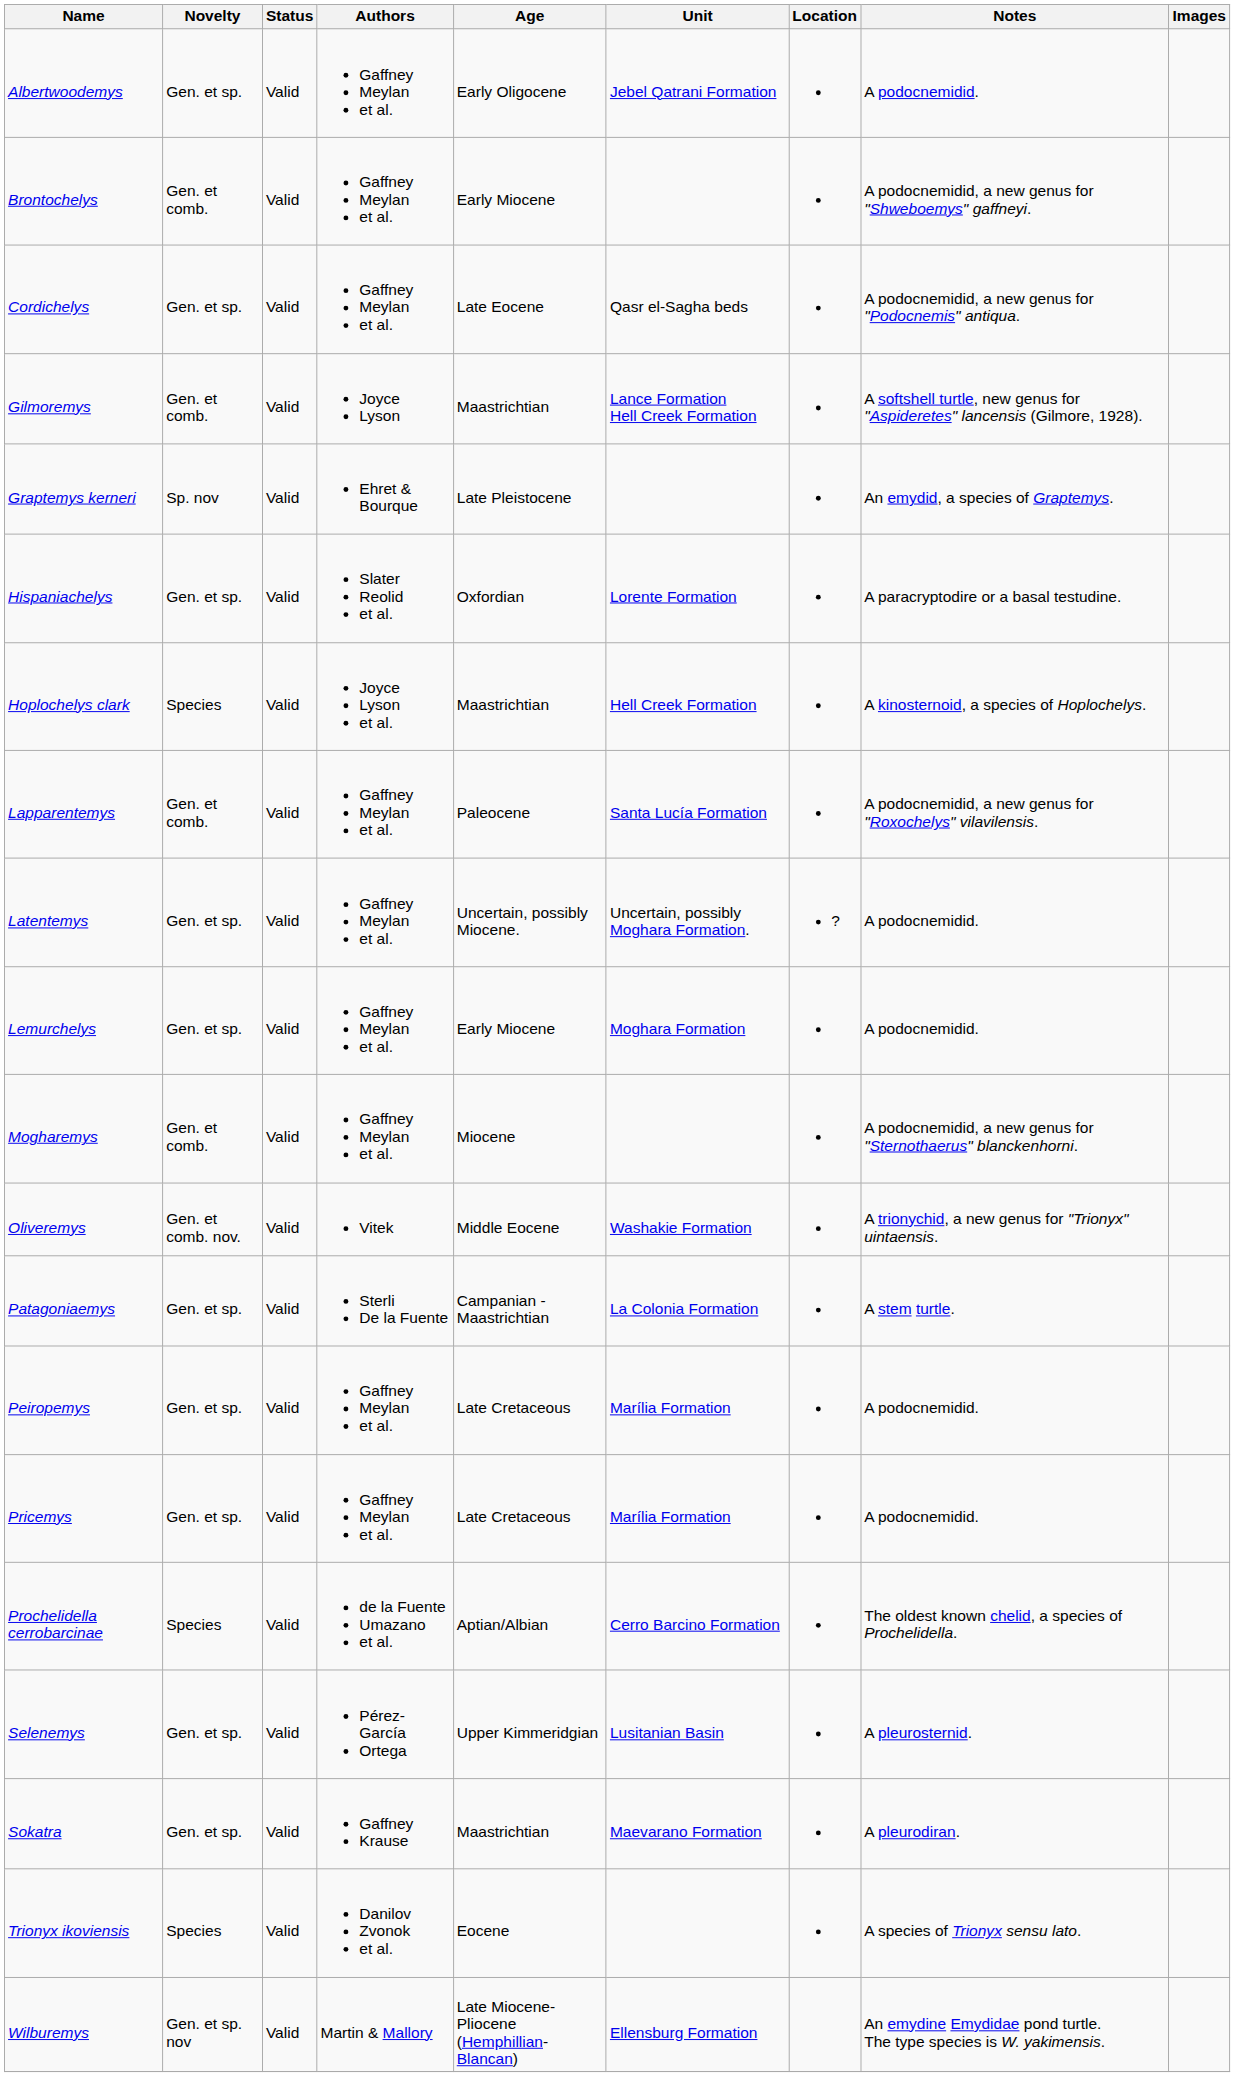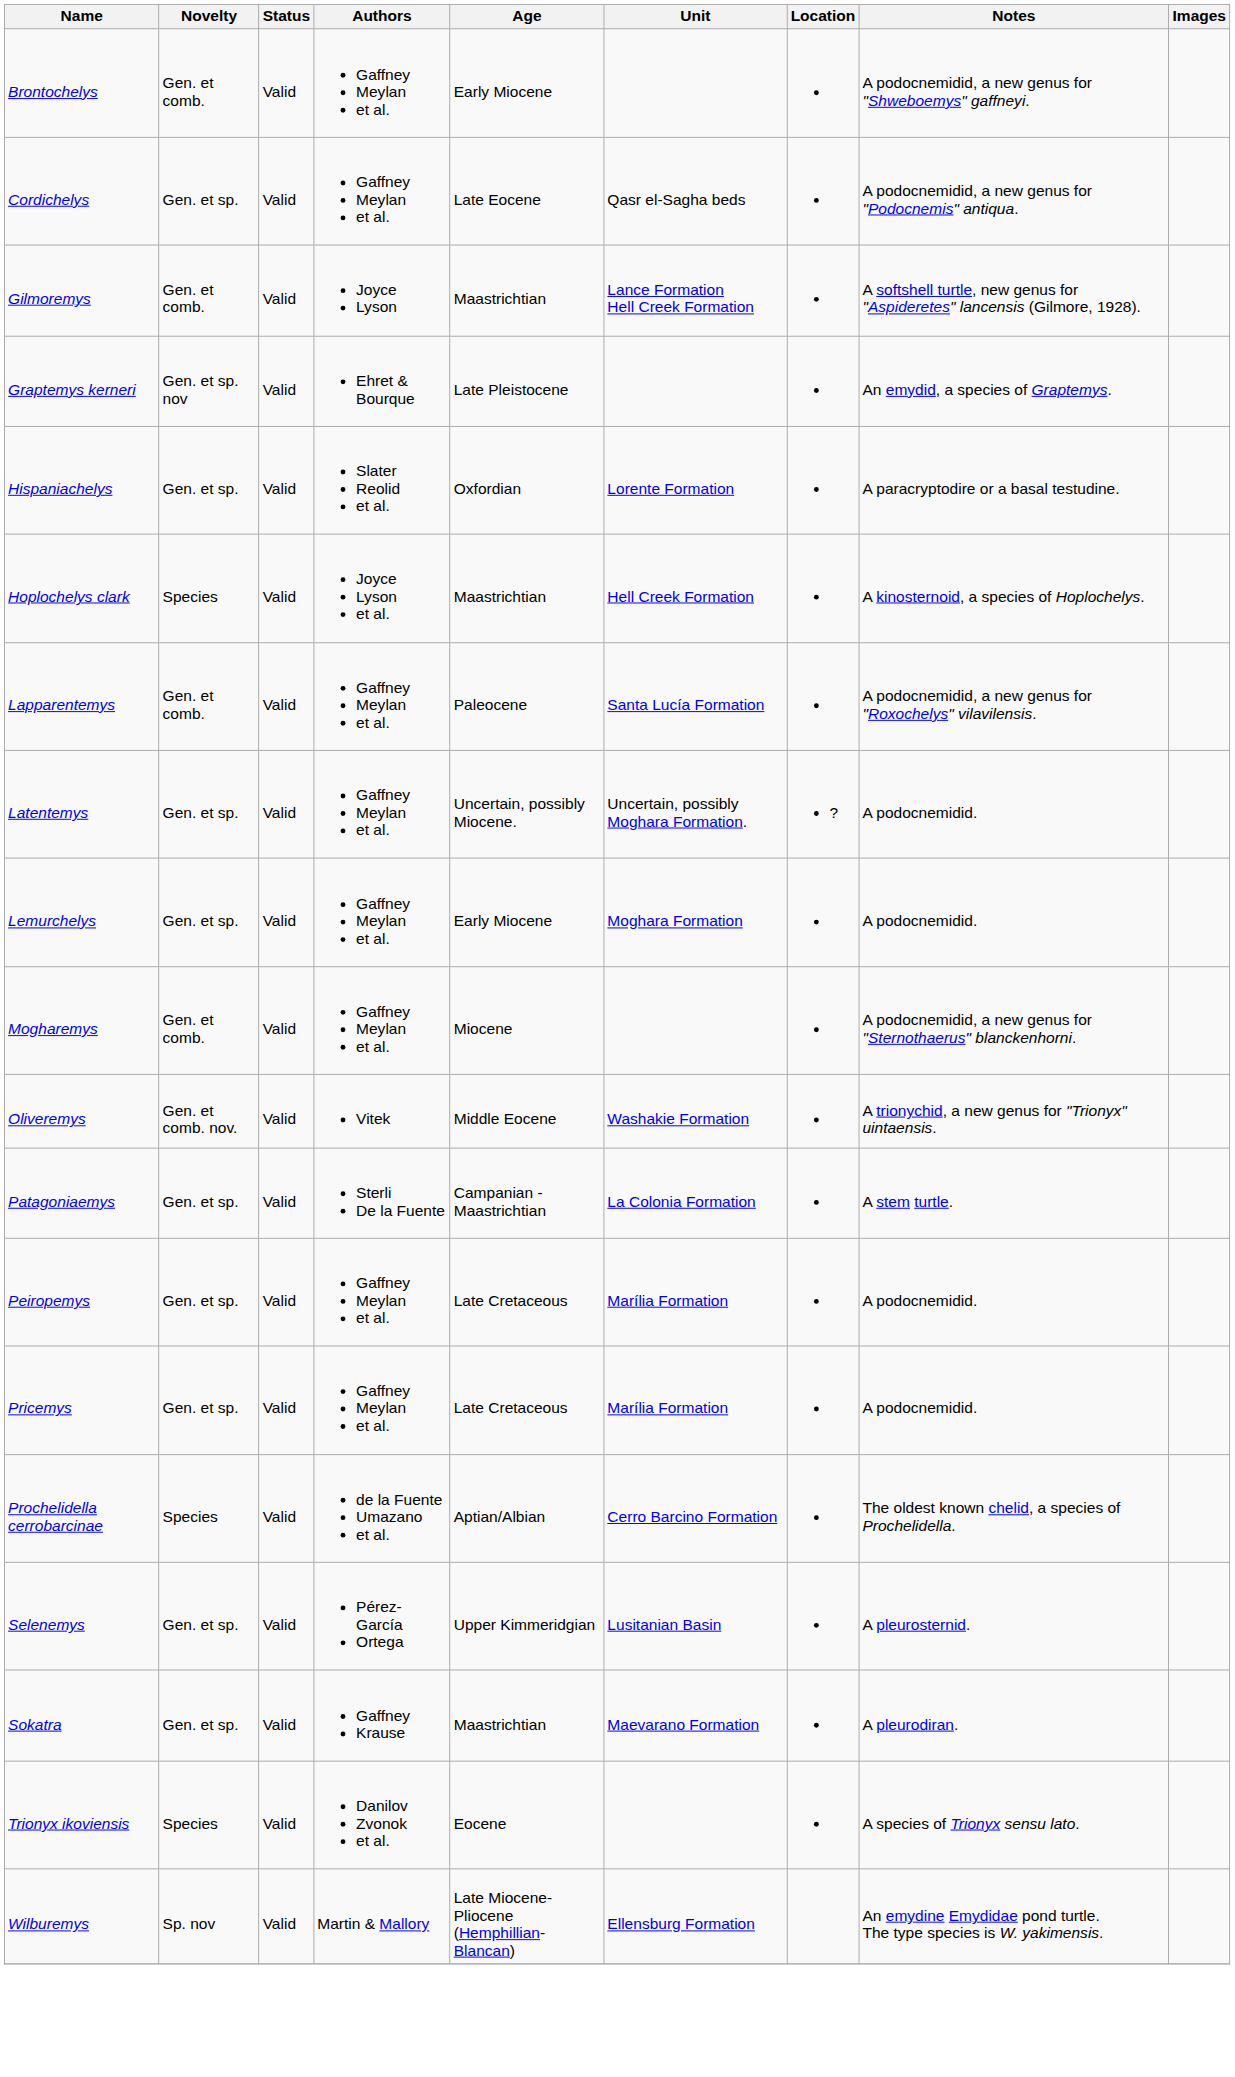 <table class="wikitable sortable" align="center" width="100%">
 <tr>
 <th>Name</th>
 <th>Novelty</th>
 <th>Status</th>
 <th>Authors</th>
 <th>Age</th>
 <th>Unit</th>
 <th>Location</th>
 <th>Notes</th>
 <th>Images</th>
-</tr>
-<tr>
-<td><br><em><a href='#'>Albertwoodemys</a></em></td>
-<td><br>Gen. et sp.</td>
-<td><br>Valid</td>
-<td><br><ul><li>Gaffney</li><li>Meylan</li><li>et al.</li></ul></td>
-<td><br>Early Oligocene</td>
-<td><br><a href='#'>Jebel Qatrani Formation</a></td>
-<td><br><ul><li></li></ul></td>
-<td><br>A <a href='#'>podocnemidid</a>.</td>
-<td></td>
 </tr>
 <tr>
 <td><br><em><a href='#'>Brontochelys</a></em></td>
 <td><br>Gen. et comb.</td>
 <td><br>Valid</td>
 <td><br><ul><li>Gaffney</li><li>Meylan</li><li>et al.</li></ul></td>
 <td><br>Early Miocene</td>
 <td></td>
 <td><br><ul><li></li></ul></td>
 <td><br>A podocnemidid, a new genus for <em>"<a href='#'>Shweboemys</a>" gaffneyi</em>.</td>
 <td></td>
 </tr>
 <tr>
 <td><br><em><a href='#'>Cordichelys</a></em></td>
 <td><br>Gen. et sp.</td>
 <td><br>Valid</td>
 <td><br><ul><li>Gaffney</li><li>Meylan</li><li>et al.</li></ul></td>
 <td><br>Late Eocene</td>
 <td><br>Qasr el-Sagha beds</td>
 <td><br><ul><li></li></ul></td>
 <td><br>A podocnemidid, a new genus for <em>"<a href='#'>Podocnemis</a>" antiqua</em>.</td>
 <td></td>
 </tr>
 <tr>
 <td><br><em><a href='#'>Gilmoremys</a></em></td>
 <td><br>Gen. et comb.</td>
 <td><br>Valid</td>
 <td><br><ul><li>Joyce</li><li>Lyson</li></ul></td>
 <td><br>Maastrichtian</td>
 <td><br><a href='#'>Lance Formation</a> <br> <a href='#'>Hell Creek Formation</a></td>
 <td><br><ul><li></li></ul></td>
 <td><br>A <a href='#'>softshell turtle</a>, new genus for <em>"<a href='#'>Aspideretes</a>" lancensis</em> (Gilmore, 1928).</td>
 <td></td>
 </tr>
 <tr>
 <td><br><em><a href='#'>Graptemys kerneri</a></em></td>
-<td><br>Sp. nov</td>
+<td><br>Gen. et sp. nov</td>
 <td><br>Valid</td>
 <td><br><ul><li>Ehret & Bourque</li></ul></td>
 <td><br>Late Pleistocene</td>
 <td></td>
 <td><br><ul><li></li></ul></td>
 <td><br>An <a href='#'>emydid</a>, a species of <em><a href='#'>Graptemys</a></em>.</td>
 <td></td>
 </tr>
 <tr>
 <td><br><em><a href='#'>Hispaniachelys</a></em></td>
 <td><br>Gen. et sp.</td>
 <td><br>Valid</td>
 <td><br><ul><li>Slater</li><li>Reolid</li><li>et al.</li></ul></td>
 <td><br>Oxfordian</td>
 <td><br><a href='#'>Lorente Formation</a></td>
 <td><br><ul><li></li></ul></td>
 <td><br>A paracryptodire or a basal testudine.</td>
 <td></td>
 </tr>
 <tr>
 <td><br><em><a href='#'>Hoplochelys clark</a></em></td>
 <td><br>Species</td>
 <td><br>Valid</td>
 <td><br><ul><li>Joyce</li><li>Lyson</li><li>et al.</li></ul></td>
 <td><br>Maastrichtian</td>
 <td><br><a href='#'>Hell Creek Formation</a></td>
 <td><br><ul><li></li></ul></td>
 <td><br>A <a href='#'>kinosternoid</a>, a species of <em>Hoplochelys</em>.</td>
 <td></td>
 </tr>
 <tr>
 <td><br><em><a href='#'>Lapparentemys</a></em></td>
 <td><br>Gen. et comb.</td>
 <td><br>Valid</td>
 <td><br><ul><li>Gaffney</li><li>Meylan</li><li>et al.</li></ul></td>
 <td><br>Paleocene</td>
 <td><br><a href='#'>Santa Lucía Formation</a></td>
 <td><br><ul><li></li></ul></td>
 <td><br>A podocnemidid, a new genus for <em>"<a href='#'>Roxochelys</a>" vilavilensis</em>.</td>
 <td></td>
 </tr>
 <tr>
 <td><br><em><a href='#'>Latentemys</a></em></td>
 <td><br>Gen. et sp.</td>
 <td><br>Valid</td>
 <td><br><ul><li>Gaffney</li><li>Meylan</li><li>et al.</li></ul></td>
 <td><br>Uncertain, possibly Miocene.</td>
 <td><br>Uncertain, possibly <a href='#'>Moghara Formation</a>.</td>
 <td><br><ul><li>?</li></ul></td>
 <td><br>A podocnemidid.</td>
 <td></td>
 </tr>
 <tr>
 <td><br><em><a href='#'>Lemurchelys</a></em></td>
 <td><br>Gen. et sp.</td>
 <td><br>Valid</td>
 <td><br><ul><li>Gaffney</li><li>Meylan</li><li>et al.</li></ul></td>
 <td><br>Early Miocene</td>
 <td><br><a href='#'>Moghara Formation</a></td>
 <td><br><ul><li></li></ul></td>
 <td><br>A podocnemidid.</td>
 <td></td>
 </tr>
 <tr>
 <td><br><em><a href='#'>Mogharemys</a></em></td>
 <td><br>Gen. et comb.</td>
 <td><br>Valid</td>
 <td><br><ul><li>Gaffney</li><li>Meylan</li><li>et al.</li></ul></td>
 <td><br>Miocene</td>
 <td></td>
 <td><br><ul><li></li></ul></td>
 <td><br>A podocnemidid, a new genus for <em>"<a href='#'>Sternothaerus</a>" blanckenhorni</em>.</td>
 <td></td>
 </tr>
 <tr>
 <td><br><em><a href='#'>Oliveremys</a></em></td>
 <td><br>Gen. et comb. nov.</td>
 <td><br>Valid</td>
 <td><br><ul><li>Vitek</li></ul></td>
 <td><br>Middle Eocene</td>
 <td><br><a href='#'>Washakie Formation</a></td>
 <td><br><ul><li></li></ul></td>
 <td><br>A <a href='#'>trionychid</a>, a new genus for <em>"Trionyx" uintaensis</em>.</td>
 <td></td>
 </tr>
 <tr>
 <td><br><em><a href='#'>Patagoniaemys</a></em></td>
 <td><br>Gen. et sp.</td>
 <td><br>Valid</td>
 <td><br><ul><li>Sterli</li><li>De la Fuente</li></ul></td>
 <td><br>Campanian - Maastrichtian</td>
 <td><br><a href='#'>La Colonia Formation</a></td>
 <td><br><ul><li></li></ul></td>
 <td><br>A <a href='#'>stem</a> <a href='#'>turtle</a>.</td>
 <td></td>
 </tr>
 <tr>
 <td><br><em><a href='#'>Peiropemys</a></em></td>
 <td><br>Gen. et sp.</td>
 <td><br>Valid</td>
 <td><br><ul><li>Gaffney</li><li>Meylan</li><li>et al.</li></ul></td>
 <td><br>Late Cretaceous</td>
 <td><br><a href='#'>Marília Formation</a></td>
 <td><br><ul><li></li></ul></td>
 <td><br>A podocnemidid.</td>
 <td></td>
 </tr>
 <tr>
 <td><br><em><a href='#'>Pricemys</a></em></td>
 <td><br>Gen. et sp.</td>
 <td><br>Valid</td>
 <td><br><ul><li>Gaffney</li><li>Meylan</li><li>et al.</li></ul></td>
 <td><br>Late Cretaceous</td>
 <td><br><a href='#'>Marília Formation</a></td>
 <td><br><ul><li></li></ul></td>
 <td><br>A podocnemidid.</td>
 <td></td>
 </tr>
 <tr>
 <td><br><em><a href='#'>Prochelidella cerrobarcinae</a></em></td>
 <td><br>Species</td>
 <td><br>Valid</td>
 <td><br><ul><li>de la Fuente</li><li>Umazano</li><li>et al.</li></ul></td>
 <td><br>Aptian/Albian</td>
 <td><br><a href='#'>Cerro Barcino Formation</a></td>
 <td><br><ul><li></li></ul></td>
 <td><br>The oldest known <a href='#'>chelid</a>, a species of <em>Prochelidella</em>.</td>
 <td></td>
 </tr>
 <tr>
 <td><br><em><a href='#'>Selenemys</a></em></td>
 <td><br>Gen. et sp.</td>
 <td><br>Valid</td>
 <td><br><ul><li>Pérez-García</li><li>Ortega</li></ul></td>
 <td><br>Upper Kimmeridgian</td>
 <td><br><a href='#'>Lusitanian Basin</a></td>
 <td><br><ul><li></li></ul></td>
 <td><br>A <a href='#'>pleurosternid</a>.</td>
 <td></td>
 </tr>
 <tr>
 <td><br><em><a href='#'>Sokatra</a></em></td>
 <td><br>Gen. et sp.</td>
 <td><br>Valid</td>
 <td><br><ul><li>Gaffney</li><li>Krause</li></ul></td>
 <td><br>Maastrichtian</td>
 <td><br><a href='#'>Maevarano Formation</a></td>
 <td><br><ul><li></li></ul></td>
 <td><br>A <a href='#'>pleurodiran</a>.</td>
 <td></td>
 </tr>
 <tr>
 <td><br><em><a href='#'>Trionyx ikoviensis</a></em></td>
 <td><br>Species</td>
 <td><br>Valid</td>
 <td><br><ul><li>Danilov</li><li>Zvonok</li><li>et al.</li></ul></td>
 <td><br>Eocene</td>
 <td></td>
 <td><br><ul><li></li></ul></td>
 <td><br>A species of <em><a href='#'>Trionyx</a></em> <em>sensu lato</em>.</td>
 <td></td>
 </tr>
 <tr>
 <td><br><em><a href='#'>Wilburemys</a></em></td>
-<td><br>Gen. et sp. nov</td>
+<td><br>Sp. nov</td>
 <td><br>Valid</td>
 <td><br>Martin & <a href='#'>Mallory</a></td>
 <td><br>Late Miocene-Pliocene<br>(<a href='#'>Hemphillian</a>-<a href='#'>Blancan</a>)</td>
 <td><br><a href='#'>Ellensburg Formation</a></td>
 <td><br><br></td>
 <td><br>An <a href='#'>emydine</a> <a href='#'>Emydidae</a> pond turtle.<br> The type species is <em>W. yakimensis</em>.</td>
 <td></td>
 </tr>
 <tr>
 </tr>
 </table>
